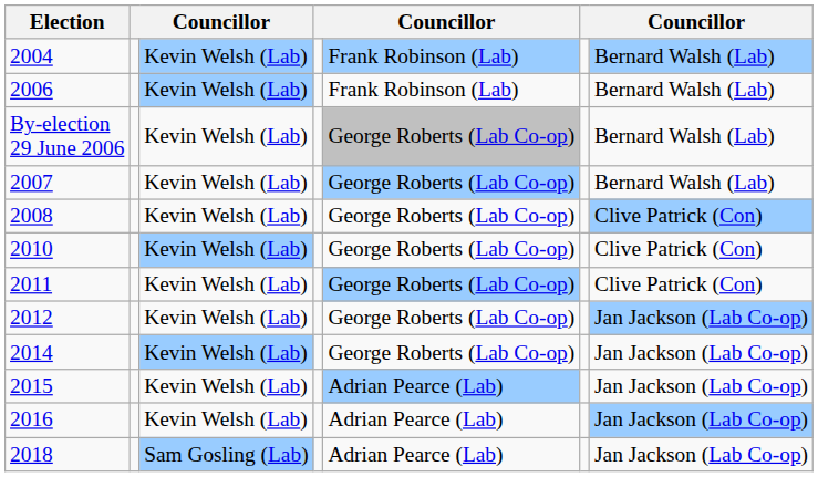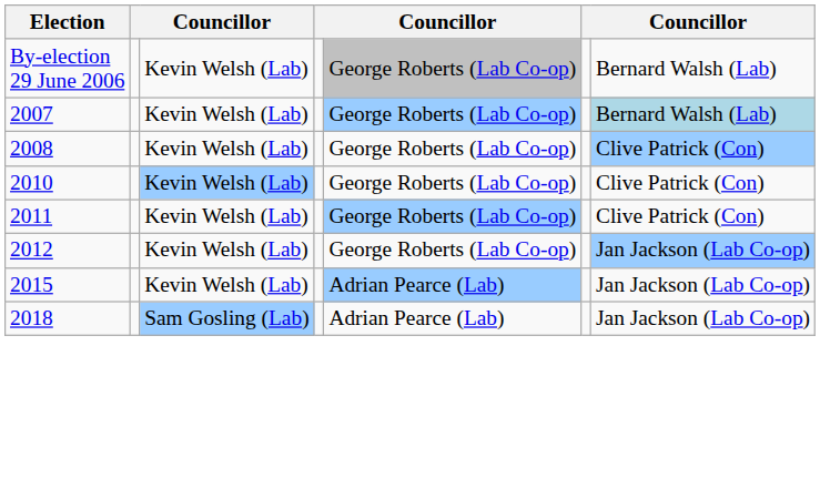 <table class="wikitable">
 <tr>
 <th>Election</th>
 <th colspan="2">Councillor</th>
 <th colspan="2">Councillor</th>
 <th colspan="2">Councillor</th>
-</tr>
-<tr>
-<td><a href='#'>2004</a></td>
-<td style="background-color: "></td>
-<td bgcolor="#99CCFF">Kevin Welsh (<a href='#'>Lab</a>)</td>
-<td style="background-color: "></td>
-<td bgcolor="#99CCFF">Frank Robinson (<a href='#'>Lab</a>)</td>
-<td style="background-color: "></td>
-<td bgcolor="#99CCFF">Bernard Walsh (<a href='#'>Lab</a>)</td>
-</tr>
-<tr>
-<td><a href='#'>2006</a></td>
-<td style="background-color: "></td>
-<td bgcolor="#99CCFF">Kevin Welsh (<a href='#'>Lab</a>)</td>
-<td style="background-color: "></td>
-<td>Frank Robinson (<a href='#'>Lab</a>)</td>
-<td style="background-color: "></td>
-<td>Bernard Walsh (<a href='#'>Lab</a>)</td>
 </tr>
 <tr>
 <td><a href='#'>By-election<br>29 June 2006</a></td>
 <td style="background-color: "></td>
 <td>Kevin Welsh (<a href='#'>Lab</a>)</td>
 <td style="background-color: "></td>
 <td bgcolor="#C0C0C0">George Roberts (<a href='#'>Lab Co-op</a>)</td>
 <td style="background-color: "></td>
 <td>Bernard Walsh (<a href='#'>Lab</a>)</td>
 </tr>
 <tr>
 <td><a href='#'>2007</a></td>
 <td style="background-color: "></td>
 <td>Kevin Welsh (<a href='#'>Lab</a>)</td>
 <td style="background-color: "></td>
 <td bgcolor="#99CCFF">George Roberts (<a href='#'>Lab Co-op</a>)</td>
 <td style="background-color: "></td>
-<td>Bernard Walsh (<a href='#'>Lab</a>)</td>
+<td style="background: lightblue;">Bernard Walsh (<a href='#'>Lab</a>)</td>
 </tr>
 <tr>
 <td><a href='#'>2008</a></td>
 <td style="background-color: "></td>
 <td>Kevin Welsh (<a href='#'>Lab</a>)</td>
 <td style="background-color: "></td>
 <td>George Roberts (<a href='#'>Lab Co-op</a>)</td>
 <td style="background-color: "></td>
 <td bgcolor="#99CCFF">Clive Patrick (<a href='#'>Con</a>)</td>
 </tr>
 <tr>
 <td><a href='#'>2010</a></td>
 <td style="background-color: "></td>
 <td bgcolor="#99CCFF">Kevin Welsh (<a href='#'>Lab</a>)</td>
 <td style="background-color: "></td>
 <td>George Roberts (<a href='#'>Lab Co-op</a>)</td>
 <td style="background-color: "></td>
 <td>Clive Patrick (<a href='#'>Con</a>)</td>
 </tr>
 <tr>
 <td><a href='#'>2011</a></td>
 <td style="background-color: "></td>
 <td>Kevin Welsh (<a href='#'>Lab</a>)</td>
 <td style="background-color: "></td>
 <td bgcolor="#99CCFF">George Roberts (<a href='#'>Lab Co-op</a>)</td>
 <td style="background-color: "></td>
 <td>Clive Patrick (<a href='#'>Con</a>)</td>
 </tr>
 <tr>
 <td><a href='#'>2012</a></td>
 <td style="background-color: "></td>
 <td>Kevin Welsh (<a href='#'>Lab</a>)</td>
 <td style="background-color: "></td>
 <td>George Roberts (<a href='#'>Lab Co-op</a>)</td>
 <td style="background-color: "></td>
 <td bgcolor="#99CCFF">Jan Jackson (<a href='#'>Lab Co-op</a>)</td>
 </tr>
 <tr>
-<td><a href='#'>2014</a></td>
-<td style="background-color: "></td>
-<td bgcolor="#99CCFF">Kevin Welsh (<a href='#'>Lab</a>)</td>
-<td style="background-color: "></td>
-<td>George Roberts (<a href='#'>Lab Co-op</a>)</td>
-<td style="background-color: "></td>
-<td>Jan Jackson (<a href='#'>Lab Co-op</a>)</td>
-</tr>
-<tr>
 <td><a href='#'>2015</a></td>
 <td style="background-color: "></td>
 <td>Kevin Welsh (<a href='#'>Lab</a>)</td>
 <td style="background-color: "></td>
 <td bgcolor="#99CCFF">Adrian Pearce (<a href='#'>Lab</a>)</td>
 <td style="background-color: "></td>
 <td>Jan Jackson (<a href='#'>Lab Co-op</a>)</td>
-</tr>
-<tr>
-<td><a href='#'>2016</a></td>
-<td style="background-color: "></td>
-<td>Kevin Welsh (<a href='#'>Lab</a>)</td>
-<td style="background-color: "></td>
-<td>Adrian Pearce (<a href='#'>Lab</a>)</td>
-<td style="background-color: "></td>
-<td bgcolor="#99CCFF">Jan Jackson (<a href='#'>Lab Co-op</a>)</td>
 </tr>
 <tr>
 <td><a href='#'>2018</a></td>
 <td style="background-color: "></td>
 <td bgcolor="#99CCFF">Sam Gosling (<a href='#'>Lab</a>)</td>
 <td style="background-color: "></td>
 <td>Adrian Pearce (<a href='#'>Lab</a>)</td>
 <td style="background-color: "></td>
 <td>Jan Jackson (<a href='#'>Lab Co-op</a>)</td>
 </tr>
 </table>
